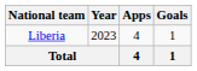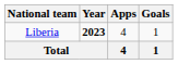 <table class="wikitable" style="text-align:center">
 <tr>
 <th>National team</th>
 <th>Year</th>
 <th>Apps</th>
 <th>Goals</th>
 </tr>
 <tr>
 <td rowspan="1"><a href='#'>Liberia</a></td>
-<td>2023</td>
+<td><strong>2023</strong></td>
 <td>4</td>
 <td>1</td>
 </tr>
 <tr>
 <th colspan="2">Total</th>
 <th>4</th>
 <th>1</th>
 </tr>
 </table>
